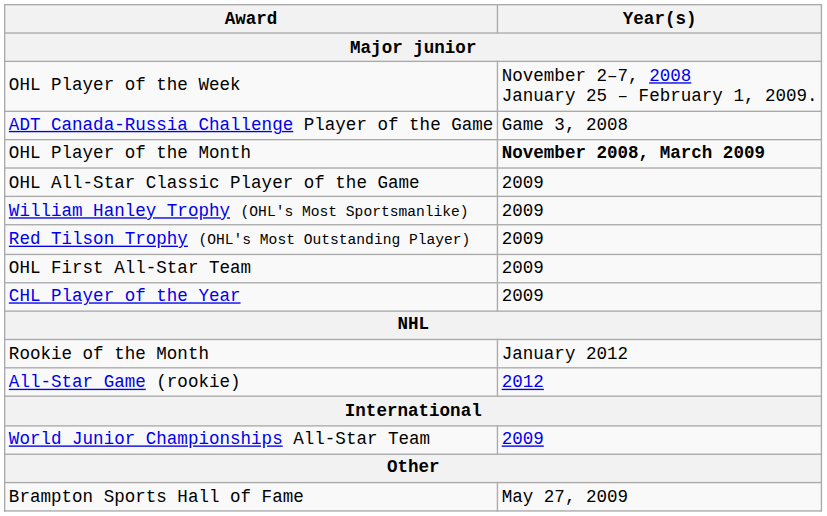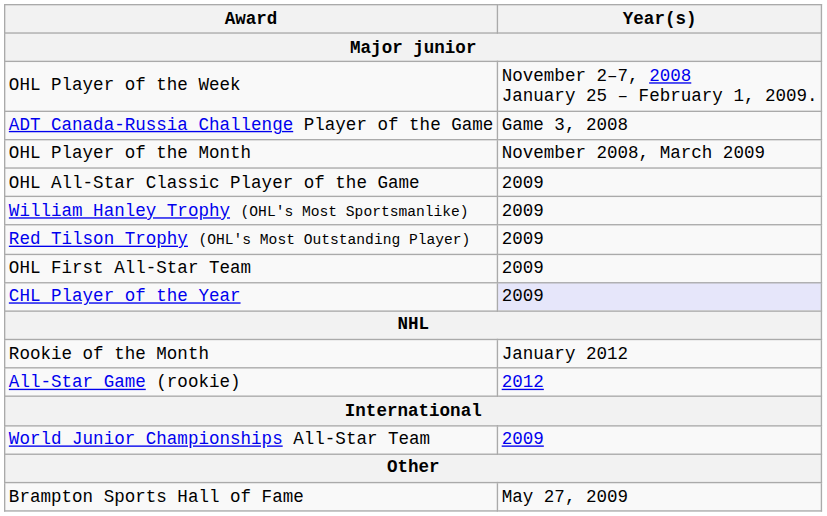 <table class="wikitable" border="1">
 <tr>
 <th>Award</th>
 <th>Year(s)</th>
 </tr>
 <tr>
 <th colspan="2">Major junior</th>
 </tr>
 <tr>
 <td>OHL Player of the Week</td>
 <td>November 2–7, <a href='#'>2008</a><br>January 25 – February 1, 2009.</td>
 </tr>
 <tr>
 <td><a href='#'>ADT Canada-Russia Challenge</a> Player of the Game</td>
 <td>Game 3, 2008</td>
 </tr>
 <tr>
 <td>OHL Player of the Month</td>
-<td><strong>November 2008, March 2009</strong></td>
+<td>November 2008, March 2009</td>
 </tr>
 <tr>
 <td>OHL All-Star Classic Player of the Game</td>
 <td>2009</td>
 </tr>
 <tr>
 <td><a href='#'>William Hanley Trophy</a> <small>(OHL's Most Sportsmanlike)</small></td>
 <td>2009</td>
 </tr>
 <tr>
 <td><a href='#'>Red Tilson Trophy</a> <small>(OHL's Most Outstanding Player)</small></td>
 <td>2009</td>
 </tr>
 <tr>
 <td>OHL First All-Star Team</td>
 <td>2009</td>
 </tr>
 <tr>
 <td><a href='#'>CHL Player of the Year</a></td>
-<td>2009</td>
+<td style="background: lavender;">2009</td>
 </tr>
 <tr>
 <th colspan="2">NHL</th>
 </tr>
 <tr>
 <td>Rookie of the Month</td>
 <td>January 2012</td>
 </tr>
 <tr>
 <td><a href='#'>All-Star Game</a> (rookie)</td>
 <td><a href='#'>2012</a></td>
 </tr>
 <tr>
 <th colspan="2">International</th>
 </tr>
 <tr>
 <td><a href='#'>World Junior Championships</a> All-Star Team</td>
 <td><a href='#'>2009</a></td>
 </tr>
 <tr>
 <th colspan="2">Other</th>
 </tr>
 <tr>
 <td>Brampton Sports Hall of Fame</td>
 <td>May 27, 2009</td>
 </tr>
 </table>
